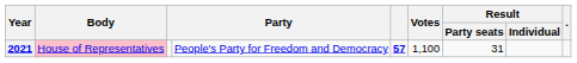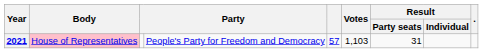 <table class="wikitable plainrowheaders sortable" border=2 cellpadding=4 cellspacing=0 style="border: 1px #aaa solid; font-size: 90%; text-align:center;">
 <tr>
 <th scope="col" rowspan=2>Year</th>
 <th scope="col" rowspan=2>Body</th>
 <th scope="col" colspan=2 rowspan=2>Party</th>
 <th scope="col" rowspan=2></th>
 <th scope="col" rowspan=2>Votes</th>
 <th scope="colgroup" colspan=2>Result</th>
 <th scope="col" rowspan=2 class="unsortable">.</th>
 </tr>
 <tr>
 <th scope="col">Party seats</th>
 <th scope="col">Individual</th>
 </tr>
 <tr>
 <th scope="row"><a href='#'>2021</a></th>
 <td style="background: pink;"><a href='#'>House of Representatives</a></td>
 <td style="background-color:"></td>
 <td><a href='#'>People's Party for Freedom and Democracy</a></td>
-<td style=text-align:right><strong><a href='#'>57</a></strong></td>
-<td style=text-align:right>1,100</td>
+<td style=text-align:right><a href='#'>57</a></td>
+<td style=text-align:right>1,103</td>
 <td style=text-align:right>31</td>
 <td></td>
 <td></td>
 </tr>
 </table>
